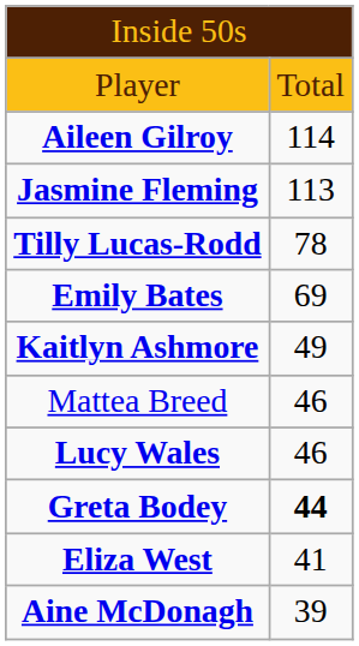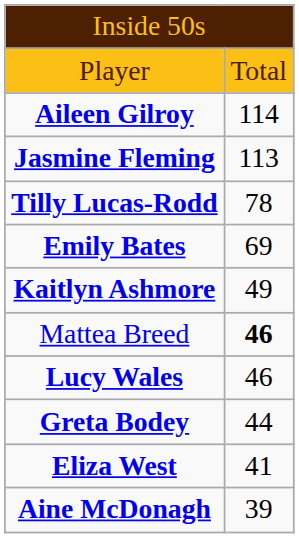 <table class="wikitable" style="text-align:center;">
 <tr>
 <td colspan="2" style="text-align:center; background: #4D2004; color: #FBBF15">Inside 50s</td>
 </tr>
 <tr>
 <td style="text-align:center; background: #FBBF15; color: #4D2004">Player</td>
 <td style="text-align:center; background: #FBBF15; color: #4D2004">Total</td>
 </tr>
 <tr>
 <td><strong><a href='#'>Aileen Gilroy</a></strong></td>
 <td>114</td>
 </tr>
 <tr>
 <td><strong><a href='#'>Jasmine Fleming</a></strong></td>
 <td>113</td>
 </tr>
 <tr>
 <td><strong><a href='#'>Tilly Lucas-Rodd</a></strong></td>
 <td>78</td>
 </tr>
 <tr>
 <td><strong><a href='#'>Emily Bates</a></strong></td>
 <td>69</td>
 </tr>
 <tr>
 <td><strong><a href='#'>Kaitlyn Ashmore</a></strong></td>
 <td>49</td>
 </tr>
 <tr>
 <td><a href='#'>Mattea Breed</a></td>
-<td>46</td>
+<td><strong>46</strong></td>
 </tr>
 <tr>
 <td><strong><a href='#'>Lucy Wales</a></strong></td>
 <td>46</td>
 </tr>
 <tr>
 <td><strong><a href='#'>Greta Bodey</a></strong></td>
-<td><strong>44</strong></td>
+<td>44</td>
 </tr>
 <tr>
 <td><strong><a href='#'>Eliza West</a></strong></td>
 <td>41</td>
 </tr>
 <tr>
 <td><strong><a href='#'>Aine McDonagh</a></strong></td>
 <td>39</td>
 </tr>
 </table>
